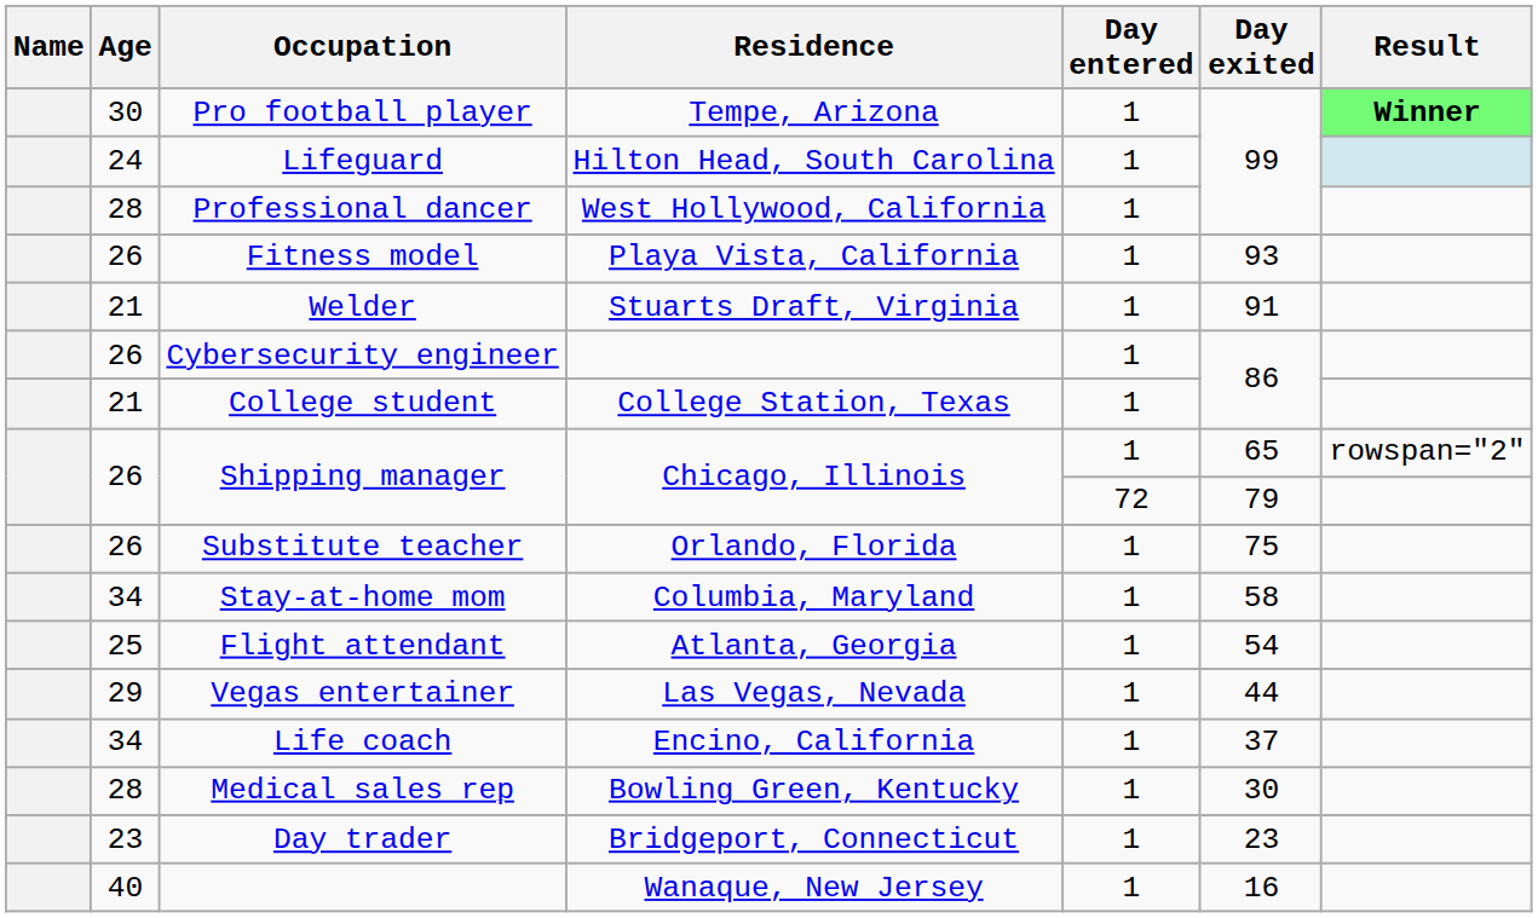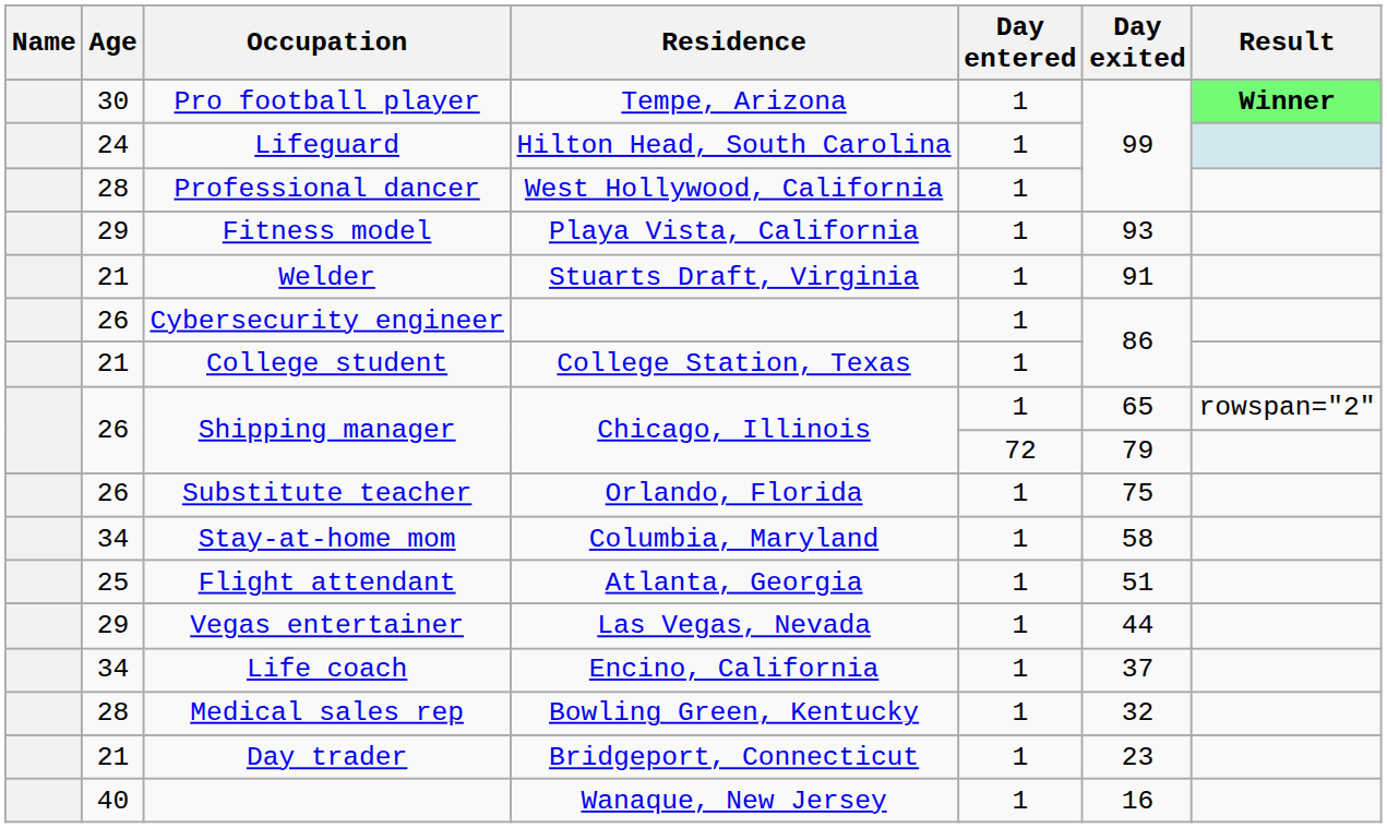 <table class="wikitable sortable" style="text-align:center;">
 <tr>
 <th scope="col">Name</th>
 <th scope="col">Age</th>
 <th scope="col" class="unsortable">Occupation</th>
 <th scope="col">Residence</th>
 <th scope="col" class="unsortable">Day<br>entered</th>
 <th scope="col">Day<br>exited</th>
 <th scope="col" class="unsortable">Result</th>
 </tr>
 <tr>
 <th scope="row"></th>
 <td>30</td>
 <td><a href='#'>Pro football player</a></td>
 <td><a href='#'>Tempe, Arizona</a></td>
 <td>1</td>
 <td rowspan="3">99</td>
 <td bgcolor="73FB76"><strong>Winner</strong></td>
 </tr>
 <tr>
 <th scope="row"></th>
 <td>24</td>
 <td><a href='#'>Lifeguard</a></td>
 <td><a href='#'>Hilton Head, South Carolina</a></td>
 <td>1</td>
 <td bgcolor="D1E8EF"></td>
 </tr>
 <tr>
 <th scope="row"></th>
 <td>28</td>
 <td><a href='#'>Professional dancer</a></td>
 <td><a href='#'>West Hollywood, California</a></td>
 <td>1</td>
 <td></td>
 </tr>
 <tr>
 <th scope="row"></th>
-<td>26</td>
+<td>29</td>
 <td><a href='#'>Fitness model</a></td>
 <td><a href='#'>Playa Vista, California</a></td>
 <td>1</td>
 <td>93</td>
 <td></td>
 </tr>
 <tr>
 <th scope="row"></th>
 <td>21</td>
 <td><a href='#'>Welder</a></td>
 <td><a href='#'>Stuarts Draft, Virginia</a></td>
 <td>1</td>
 <td>91</td>
 <td></td>
 </tr>
 <tr>
 <th scope="row"></th>
 <td>26</td>
 <td><a href='#'>Cybersecurity engineer</a></td>
 <td></td>
 <td>1</td>
 <td rowspan="2">86</td>
 <td></td>
 </tr>
 <tr>
 <th scope="row"></th>
 <td>21</td>
 <td><a href='#'>College student</a></td>
 <td><a href='#'>College Station, Texas</a></td>
 <td>1</td>
 <td></td>
 </tr>
 <tr>
 <th scope="row" rowspan="2"></th>
 <td rowspan="2">26</td>
 <td rowspan="2"><a href='#'>Shipping manager</a></td>
 <td rowspan="2"><a href='#'>Chicago, Illinois</a></td>
 <td>1</td>
 <td>65</td>
 <td>rowspan="2" </td>
 </tr>
 <tr>
 <td>72</td>
 <td>79</td>
 </tr>
 <tr>
 <th scope="row"></th>
 <td>26</td>
 <td><a href='#'>Substitute teacher</a></td>
 <td><a href='#'>Orlando, Florida</a></td>
 <td>1</td>
 <td>75</td>
 <td></td>
 </tr>
 <tr>
 <th scope="row"></th>
 <td>34</td>
 <td><a href='#'>Stay-at-home mom</a></td>
 <td><a href='#'>Columbia, Maryland</a></td>
 <td>1</td>
 <td>58</td>
 <td></td>
 </tr>
 <tr>
 <th scope="row"></th>
 <td>25</td>
 <td><a href='#'>Flight attendant</a></td>
 <td><a href='#'>Atlanta, Georgia</a></td>
 <td>1</td>
-<td>54</td>
+<td>51</td>
 <td></td>
 </tr>
 <tr>
 <th scope="row"></th>
 <td>29</td>
 <td><a href='#'>Vegas entertainer</a></td>
 <td><a href='#'>Las Vegas, Nevada</a></td>
 <td>1</td>
 <td>44</td>
 <td></td>
 </tr>
 <tr>
 <th scope="row"></th>
 <td>34</td>
 <td><a href='#'>Life coach</a></td>
 <td><a href='#'>Encino, California</a></td>
 <td>1</td>
 <td>37</td>
 <td></td>
 </tr>
 <tr>
 <th scope="row"></th>
 <td>28</td>
 <td><a href='#'>Medical sales rep</a></td>
 <td><a href='#'>Bowling Green, Kentucky</a></td>
 <td>1</td>
-<td>30</td>
+<td>32</td>
 <td></td>
 </tr>
 <tr>
 <th scope="row"></th>
-<td>23</td>
+<td>21</td>
 <td><a href='#'>Day trader</a></td>
 <td><a href='#'>Bridgeport, Connecticut</a></td>
 <td>1</td>
 <td>23</td>
 <td></td>
 </tr>
 <tr>
 <th scope="row"></th>
 <td>40</td>
 <td></td>
 <td><a href='#'>Wanaque, New Jersey</a></td>
 <td>1</td>
 <td>16</td>
 <td></td>
 </tr>
 </table>
